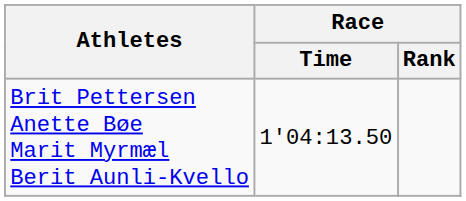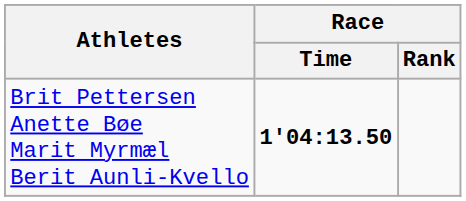 <table class="wikitable" border="1" style="font-size:90%">
 <tr>
 <th rowspan=2>Athletes</th>
 <th colspan=2>Race</th>
 </tr>
 <tr>
 <th>Time</th>
 <th>Rank</th>
 </tr>
 <tr>
 <td><a href='#'>Brit Pettersen</a><br><a href='#'>Anette Bøe</a><br><a href='#'>Marit Myrmæl</a><br><a href='#'>Berit Aunli-Kvello</a></td>
-<td align=center>1'04:13.50</td>
+<td align=center><strong>1'04:13.50</strong></td>
 <td align=center></td>
 </tr>
 </table>
